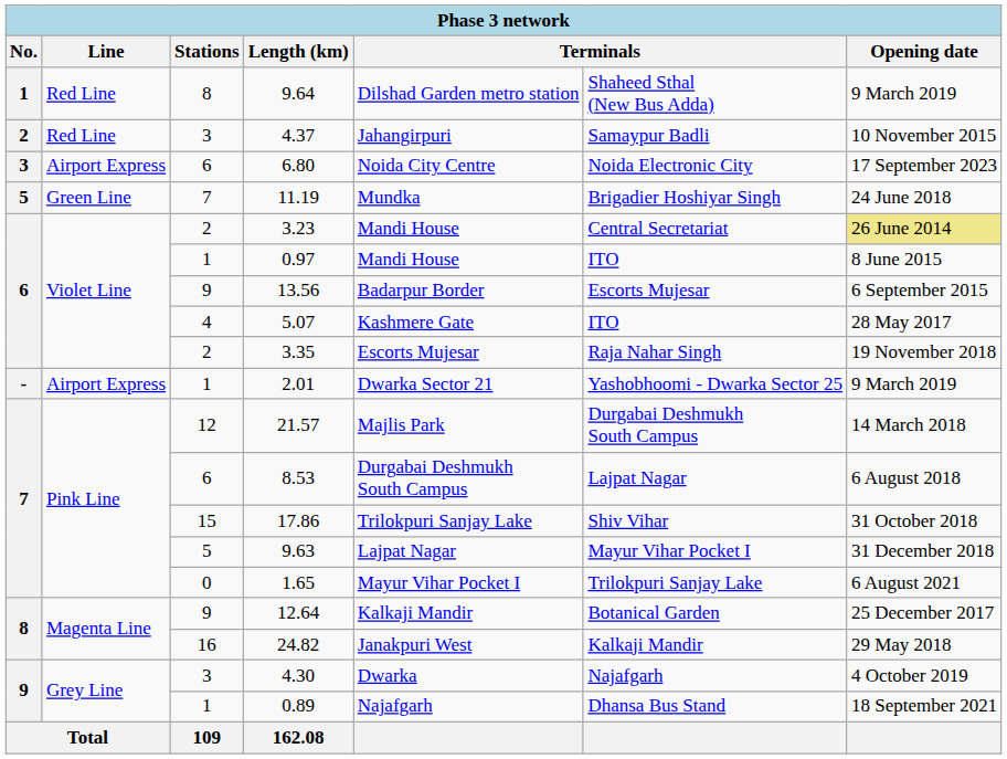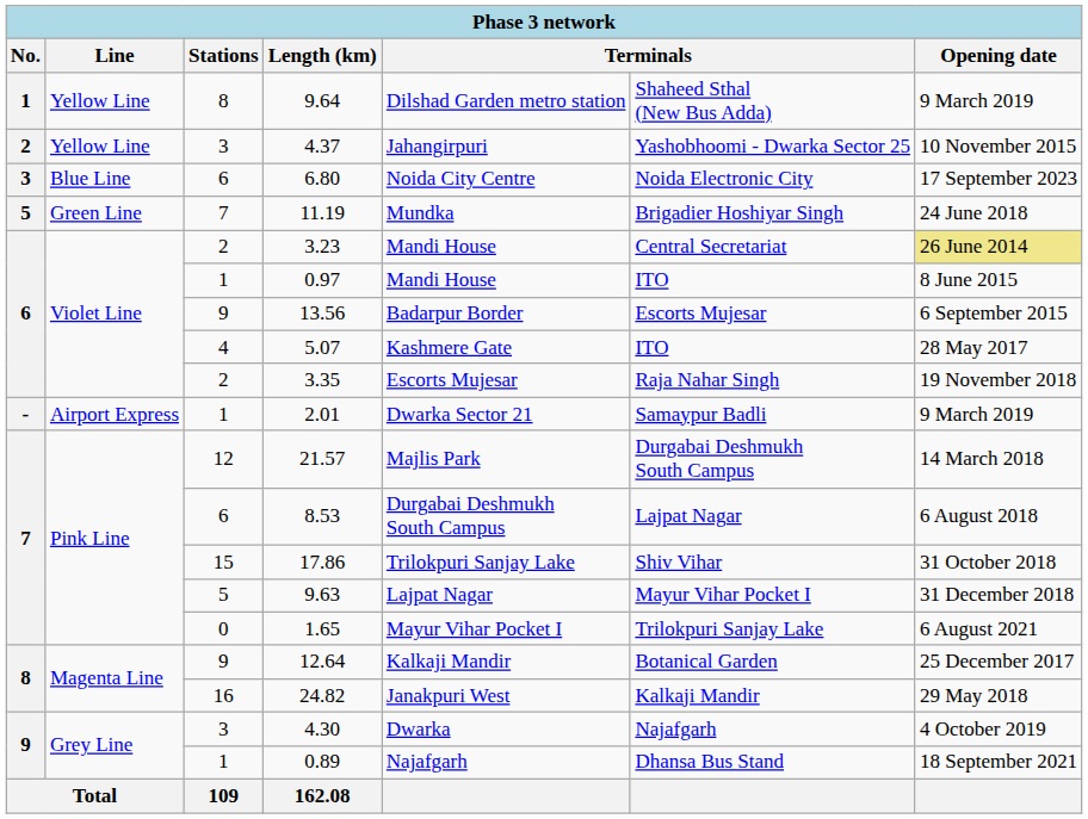 <table class="wikitable sortable" style="font-size:85%;margin:auto">
 <tr>
 <th colspan="7" style="background:#ADD8E6;">Phase 3 network</th>
 </tr>
 <tr>
 <th>No.</th>
 <th>Line</th>
 <th>Stations</th>
 <th>Length (km)</th>
 <th colspan="2">Terminals</th>
 <th>Opening date</th>
 </tr>
 <tr>
 <th>1</th>
-<td style="background:#"><a href='#'><span>Red Line</span></a></td>
+<td style="background:#"><a href='#'><span>Yellow Line</span></a></td>
 <td style="text-align:center;">8</td>
 <td style="text-align:center;">9.64</td>
 <td><a href='#'>Dilshad Garden metro station</a></td>
 <td><a href='#'>Shaheed Sthal<br>(New Bus Adda)</a></td>
 <td>9 March 2019</td>
 </tr>
 <tr>
 <th>2</th>
-<td style="background:#"><a href='#'><span>Red Line</span></a></td>
+<td style="background:#"><a href='#'><span>Yellow Line</span></a></td>
 <td style="text-align:center;">3</td>
 <td style="text-align:center;">4.37</td>
 <td><a href='#'>Jahangirpuri</a></td>
-<td><a href='#'>Samaypur Badli</a></td>
+<td><a href='#'>Yashobhoomi - Dwarka Sector 25</a></td>
 <td>10 November 2015</td>
 </tr>
 <tr>
 <th>3</th>
-<td style="background:#"><a href='#'><span>Airport Express</span></a></td>
+<td style="background:#"><a href='#'><span>Blue Line</span></a></td>
 <td style="text-align:center;">6</td>
 <td style="text-align:center;">6.80</td>
 <td><a href='#'>Noida City Centre</a></td>
 <td><a href='#'>Noida Electronic City</a></td>
 <td>17 September 2023</td>
 </tr>
 <tr>
 <th>5</th>
 <td style="background:#"><a href='#'><span>Green Line</span></a></td>
 <td style="text-align:center;">7</td>
 <td style="text-align:center;">11.19</td>
 <td><a href='#'>Mundka</a></td>
 <td><a href='#'>Brigadier Hoshiyar Singh</a></td>
 <td>24 June 2018</td>
 </tr>
 <tr>
 <th rowspan="5">6</th>
 <td rowspan="5" style="background:#"><a href='#'><span>Violet Line</span></a></td>
 <td style="text-align:center;">2</td>
 <td style="text-align:center;">3.23</td>
 <td><a href='#'>Mandi House</a></td>
 <td><a href='#'>Central Secretariat</a></td>
 <td style="background: khaki;">26 June 2014</td>
 </tr>
 <tr>
 <td style="text-align:center;">1</td>
 <td style="text-align:center;">0.97</td>
 <td><a href='#'>Mandi House</a></td>
 <td><a href='#'>ITO</a></td>
 <td>8 June 2015</td>
 </tr>
 <tr>
 <td style="text-align:center;">9</td>
 <td style="text-align:center;">13.56</td>
 <td><a href='#'>Badarpur Border</a></td>
 <td><a href='#'>Escorts Mujesar</a></td>
 <td>6 September 2015</td>
 </tr>
 <tr>
 <td style="text-align:center;">4</td>
 <td style="text-align:center;">5.07</td>
 <td><a href='#'>Kashmere Gate</a></td>
 <td><a href='#'>ITO</a></td>
 <td>28 May 2017</td>
 </tr>
 <tr>
 <td style="text-align:center;">2</td>
 <td style="text-align:center;">3.35</td>
 <td><a href='#'>Escorts Mujesar</a></td>
 <td><a href='#'>Raja Nahar Singh</a></td>
 <td>19 November 2018</td>
 </tr>
 <tr>
 <th>-</th>
 <td style="background:#"><a href='#'><span>Airport Express</span></a></td>
 <td style="text-align:center;">1</td>
 <td style="text-align:center;">2.01</td>
 <td><a href='#'>Dwarka Sector 21</a></td>
-<td><a href='#'>Yashobhoomi - Dwarka Sector 25</a></td>
+<td><a href='#'>Samaypur Badli</a></td>
 <td>9 March 2019</td>
 </tr>
 <tr>
 <th rowspan="5">7</th>
 <td rowspan="5" style="background:#"><a href='#'><span>Pink Line</span></a></td>
 <td style="text-align:center;">12</td>
 <td style="text-align:center;">21.57</td>
 <td><a href='#'>Majlis Park</a></td>
 <td><a href='#'>Durgabai Deshmukh<br> South Campus</a></td>
 <td>14 March 2018</td>
 </tr>
 <tr>
 <td style="text-align:center;">6</td>
 <td style="text-align:center;">8.53</td>
 <td><a href='#'>Durgabai Deshmukh<br> South Campus</a></td>
 <td><a href='#'>Lajpat Nagar</a></td>
 <td>6 August 2018</td>
 </tr>
 <tr>
 <td style="text-align:center;">15</td>
 <td style="text-align:center;">17.86</td>
 <td><a href='#'>Trilokpuri Sanjay Lake</a></td>
 <td><a href='#'>Shiv Vihar</a></td>
 <td>31 October 2018</td>
 </tr>
 <tr>
 <td style="text-align:center;">5</td>
 <td style="text-align:center;">9.63</td>
 <td><a href='#'>Lajpat Nagar</a></td>
 <td><a href='#'>Mayur Vihar Pocket I</a></td>
 <td>31 December 2018</td>
 </tr>
 <tr>
 <td style="text-align:center;">0</td>
 <td style="text-align:center;">1.65</td>
 <td><a href='#'>Mayur Vihar Pocket I</a></td>
 <td><a href='#'>Trilokpuri Sanjay Lake</a></td>
 <td>6 August 2021</td>
 </tr>
 <tr>
 <th rowspan="2">8</th>
 <td rowspan="2" style="background:#"><a href='#'><span>Magenta Line</span></a></td>
 <td style="text-align:center;">9</td>
 <td style="text-align:center;">12.64</td>
 <td><a href='#'>Kalkaji Mandir</a></td>
 <td><a href='#'>Botanical Garden</a></td>
 <td>25 December 2017</td>
 </tr>
 <tr>
 <td style="text-align:center;">16</td>
 <td style="text-align:center;">24.82</td>
 <td><a href='#'>Janakpuri West</a></td>
 <td><a href='#'>Kalkaji Mandir</a></td>
 <td>29 May 2018</td>
 </tr>
 <tr>
 <th rowspan="2">9</th>
 <td rowspan="2" style="background:#"><a href='#'><span>Grey Line</span></a></td>
 <td style="text-align:center;">3</td>
 <td style="text-align:center;">4.30</td>
 <td><a href='#'>Dwarka</a></td>
 <td><a href='#'>Najafgarh</a></td>
 <td>4 October 2019</td>
 </tr>
 <tr>
 <td style="text-align:center;">1</td>
 <td style="text-align:center;">0.89</td>
 <td><a href='#'>Najafgarh</a></td>
 <td><a href='#'>Dhansa Bus Stand</a></td>
 <td>18 September 2021</td>
 </tr>
 <tr>
 <th colspan="2">Total</th>
 <th>109</th>
 <th>162.08</th>
 <th></th>
 <th></th>
 <th></th>
 </tr>
 </table>
